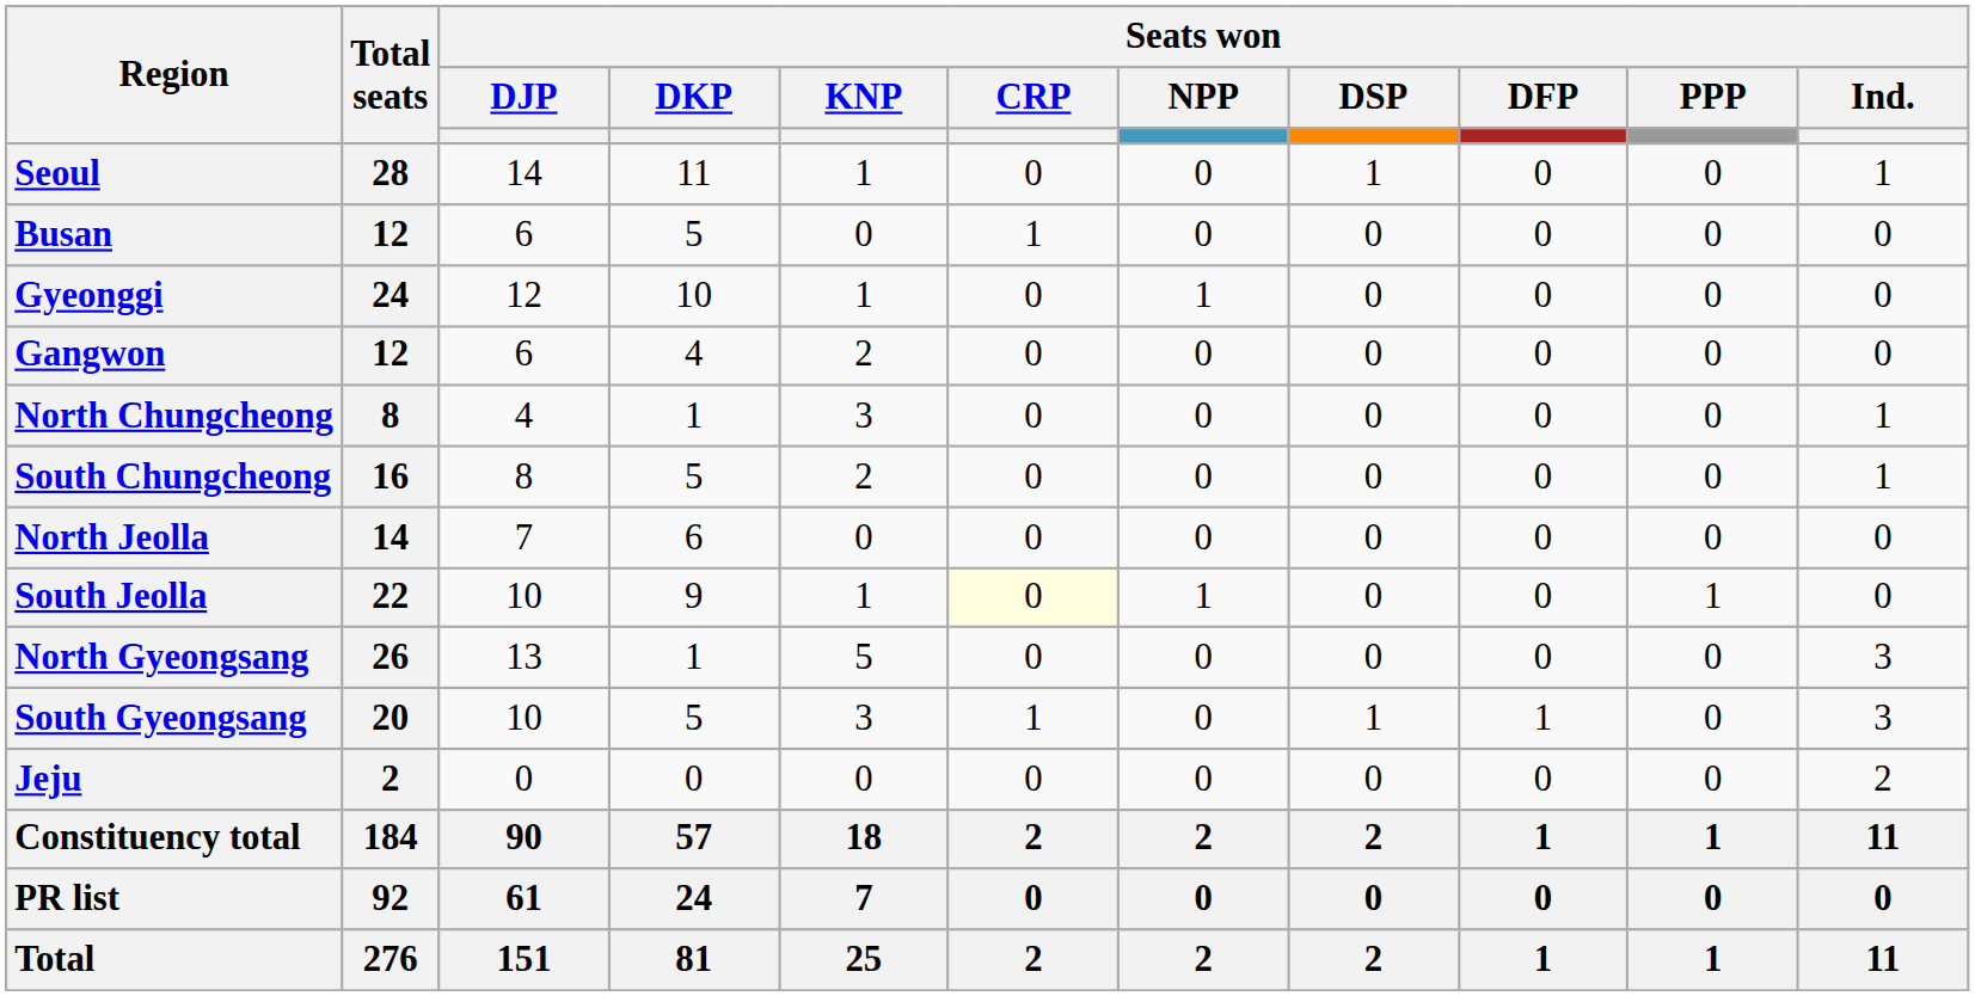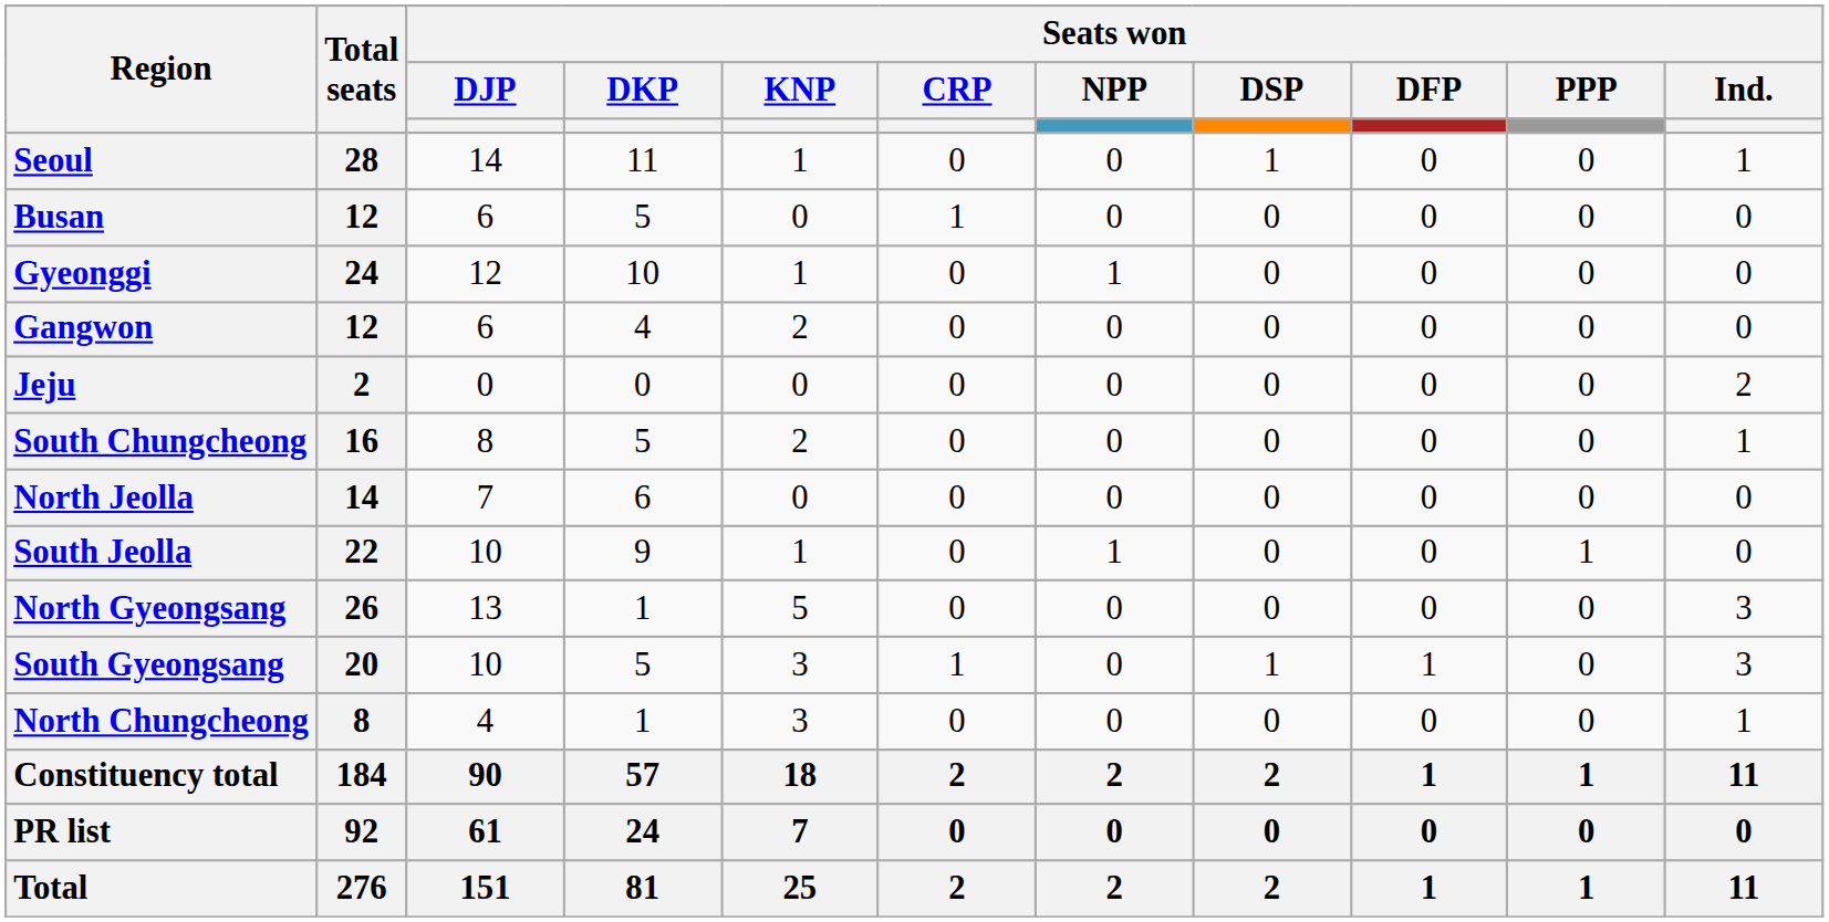 <table class="wikitable" style="text-align:center; font-size: 0.9em">
 <tr>
 <th rowspan="3">Region</th>
 <th rowspan="3">Total<br>seats</th>
 <th colspan="9">Seats won</th>
 </tr>
 <tr>
 <th class="unsortable" style="width:60px"><a href='#'>DJP</a></th>
 <th class="unsortable" style="width:60px"><a href='#'>DKP</a></th>
 <th class="unsortable" style="width:60px"><a href='#'>KNP</a></th>
 <th class="unsortable" style="width:60px"><a href='#'>CRP</a></th>
 <th class="unsortable" style="width:60px">NPP</th>
 <th class="unsortable" style="width:60px">DSP</th>
 <th class="unsortable" style="width:60px">DFP</th>
 <th class="unsortable" style="width:60px">PPP</th>
 <th class="unsortable" style="width:60px">Ind.</th>
 </tr>
 <tr>
 <th style="background:"></th>
 <th style="background:"></th>
 <th style="background:"></th>
 <th style="background:"></th>
 <th style="background:#49B"></th>
 <th style="background:#F80"></th>
 <th style="background:#A22"></th>
 <th style="background:#999"></th>
 <th style="background:"></th>
 </tr>
 <tr>
 <th style="text-align: left"><a href='#'>Seoul</a></th>
 <th>28</th>
 <td>14</td>
 <td>11</td>
 <td>1</td>
 <td>0</td>
 <td>0</td>
 <td>1</td>
 <td>0</td>
 <td>0</td>
 <td>1</td>
 </tr>
 <tr>
 <th style="text-align: left"><a href='#'>Busan</a></th>
 <th>12</th>
 <td>6</td>
 <td>5</td>
 <td>0</td>
 <td>1</td>
 <td>0</td>
 <td>0</td>
 <td>0</td>
 <td>0</td>
 <td>0</td>
 </tr>
 <tr>
 <th style="text-align: left"><a href='#'>Gyeonggi</a></th>
 <th>24</th>
 <td>12</td>
 <td>10</td>
 <td>1</td>
 <td>0</td>
 <td>1</td>
 <td>0</td>
 <td>0</td>
 <td>0</td>
 <td>0</td>
 </tr>
 <tr>
 <th style="text-align: left"><a href='#'>Gangwon</a></th>
 <th>12</th>
 <td>6</td>
 <td>4</td>
 <td>2</td>
 <td>0</td>
 <td>0</td>
 <td>0</td>
 <td>0</td>
 <td>0</td>
 <td>0</td>
 </tr>
 <tr>
-<th style="text-align: left"><a href='#'>North Chungcheong</a></th>
-<th>8</th>
-<td>4</td>
-<td>1</td>
-<td>3</td>
+<th style="text-align: left"><a href='#'>Jeju</a></th>
+<th>2</th>
 <td>0</td>
 <td>0</td>
 <td>0</td>
 <td>0</td>
 <td>0</td>
-<td>1</td>
+<td>0</td>
+<td>0</td>
+<td>0</td>
+<td>2</td>
 </tr>
 <tr>
 <th style="text-align: left"><a href='#'>South Chungcheong</a></th>
 <th>16</th>
 <td>8</td>
 <td>5</td>
 <td>2</td>
 <td>0</td>
 <td>0</td>
 <td>0</td>
 <td>0</td>
 <td>0</td>
 <td>1</td>
 </tr>
 <tr>
 <th style="text-align: left"><a href='#'>North Jeolla</a></th>
 <th>14</th>
 <td>7</td>
 <td>6</td>
 <td>0</td>
 <td>0</td>
 <td>0</td>
 <td>0</td>
 <td>0</td>
 <td>0</td>
 <td>0</td>
 </tr>
 <tr>
 <th style="text-align: left"><a href='#'>South Jeolla</a></th>
 <th>22</th>
 <td>10</td>
 <td>9</td>
 <td>1</td>
-<td style="background: lightyellow;">0</td>
+<td>0</td>
 <td>1</td>
 <td>0</td>
 <td>0</td>
 <td>1</td>
 <td>0</td>
 </tr>
 <tr>
 <th style="text-align: left"><a href='#'>North Gyeongsang</a></th>
 <th>26</th>
 <td>13</td>
 <td>1</td>
 <td>5</td>
 <td>0</td>
 <td>0</td>
 <td>0</td>
 <td>0</td>
 <td>0</td>
 <td>3</td>
 </tr>
 <tr>
 <th style="text-align: left"><a href='#'>South Gyeongsang</a></th>
 <th>20</th>
 <td>10</td>
 <td>5</td>
 <td>3</td>
 <td>1</td>
 <td>0</td>
 <td>1</td>
 <td>1</td>
 <td>0</td>
 <td>3</td>
 </tr>
 <tr>
-<th style="text-align: left"><a href='#'>Jeju</a></th>
-<th>2</th>
+<th style="text-align: left"><a href='#'>North Chungcheong</a></th>
+<th>8</th>
+<td>4</td>
+<td>1</td>
+<td>3</td>
 <td>0</td>
 <td>0</td>
 <td>0</td>
 <td>0</td>
 <td>0</td>
-<td>0</td>
-<td>0</td>
-<td>0</td>
-<td>2</td>
+<td>1</td>
 </tr>
 <tr class="sortbottom">
 <th style="text-align: left">Constituency total</th>
 <th>184</th>
 <th>90</th>
 <th>57</th>
 <th>18</th>
 <th>2</th>
 <th>2</th>
 <th>2</th>
 <th>1</th>
 <th>1</th>
 <th>11</th>
 </tr>
 <tr>
 <th style="text-align: left">PR list</th>
 <th>92</th>
 <th>61</th>
 <th>24</th>
 <th>7</th>
 <th>0</th>
 <th>0</th>
 <th>0</th>
 <th>0</th>
 <th>0</th>
 <th>0</th>
 </tr>
 <tr>
 <th style="text-align: left">Total</th>
 <th>276</th>
 <th>151</th>
 <th>81</th>
 <th>25</th>
 <th>2</th>
 <th>2</th>
 <th>2</th>
 <th>1</th>
 <th>1</th>
 <th>11</th>
 </tr>
 </table>
